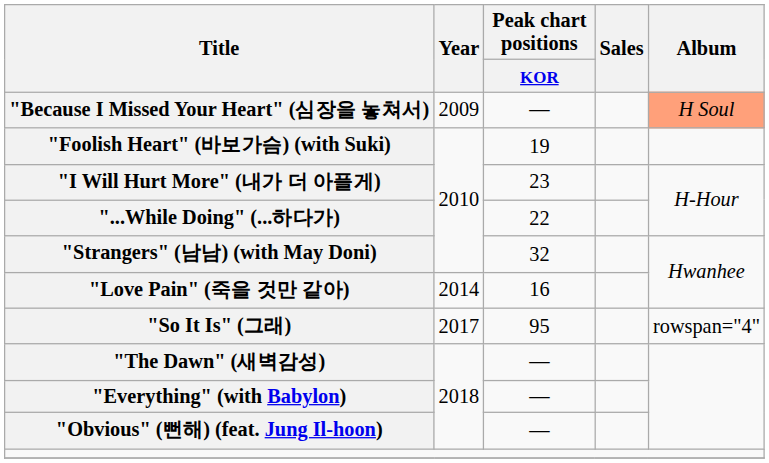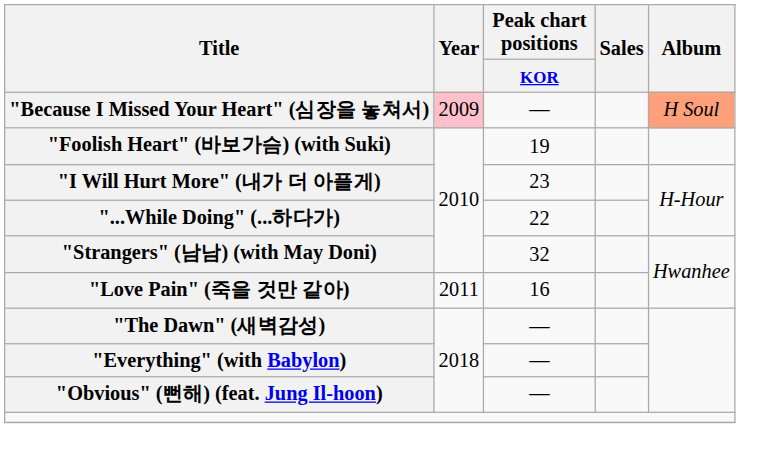 <table class="wikitable plainrowheaders" style="text-align:center;">
 <tr>
 <th rowspan="2" scope="col">Title</th>
 <th rowspan="2" scope="col">Year</th>
 <th colspan="1" scope="col" style="width:5em;">Peak chart positions</th>
 <th rowspan="2" scope="col">Sales<br></th>
 <th rowspan="2" scope="col">Album</th>
 </tr>
 <tr>
 <th><small><a href='#'>KOR</a></small><br></th>
 </tr>
 <tr>
 <th scope="row">"Because I Missed Your Heart" (심장을 놓쳐서)</th>
-<td>2009</td>
+<td style="background: pink;">2009</td>
 <td>—</td>
 <td></td>
 <td style="background: lightsalmon;"><em>H Soul</em></td>
 </tr>
 <tr>
 <th scope="row">"Foolish Heart" (바보가슴) (with Suki)</th>
 <td rowspan="4">2010</td>
 <td>19</td>
 <td></td>
 <td></td>
 </tr>
 <tr>
 <th scope="row">"I Will Hurt More" (내가 더 아플게)</th>
 <td>23</td>
 <td></td>
 <td rowspan="2"><em>H-Hour</em></td>
 </tr>
 <tr>
 <th scope="row">"...While Doing" (...하다가)</th>
 <td>22</td>
 <td></td>
 </tr>
 <tr>
 <th scope="row">"Strangers" (남남) (with May Doni)</th>
 <td>32</td>
 <td></td>
 <td rowspan="2"><em>Hwanhee</em></td>
 </tr>
 <tr>
 <th scope="row">"Love Pain" (죽을 것만 같아)</th>
-<td>2014</td>
+<td>2011</td>
 <td>16</td>
 <td></td>
-</tr>
-<tr>
-<th scope="row">"So It Is" (그래)</th>
-<td>2017</td>
-<td>95</td>
-<td></td>
-<td>rowspan="4" </td>
 </tr>
 <tr>
 <th scope="row">"The Dawn" (새벽감성)</th>
 <td rowspan="3">2018</td>
 <td>—</td>
 <td></td>
 </tr>
 <tr>
 <th scope="row">"Everything" (with <a href='#'>Babylon</a>)</th>
 <td>—</td>
 <td></td>
 </tr>
 <tr>
 <th scope="row">"Obvious" (뻔해) (feat. <a href='#'>Jung Il-hoon</a>)</th>
 <td>—</td>
 <td></td>
 </tr>
 <tr>
 <td colspan="5"></td>
 </tr>
 <tr>
 </tr>
 </table>
